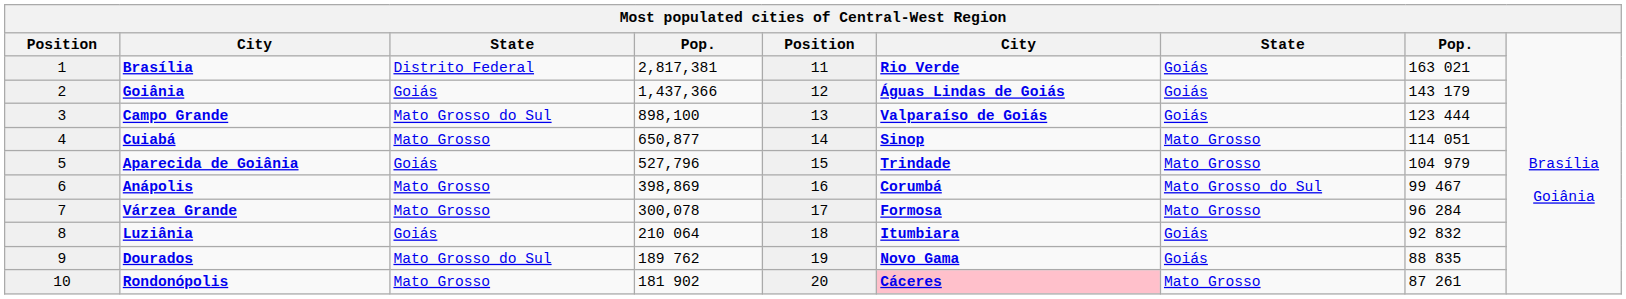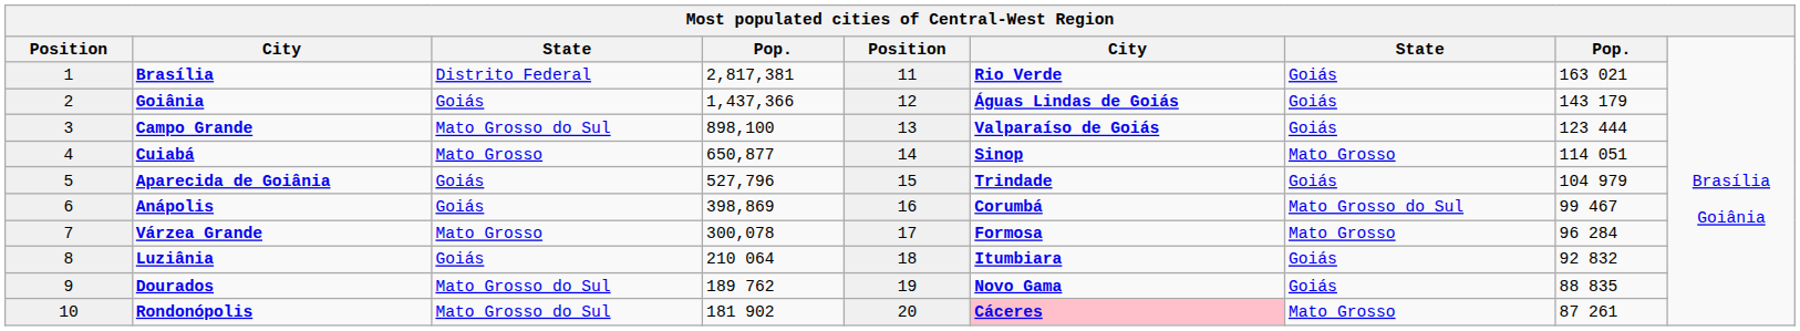 <table class="wikitable" style="width:100%;font-size:88%">
 <tr>
 <th colspan="12" style="padding:0.3em 0; line-height:1.2em; ">Most populated cities of Central-West Region<br></th>
 </tr>
 <tr>
 <th>Position</th>
 <th>City</th>
 <th>State</th>
 <th>Pop.</th>
 <th>Position</th>
 <th>City</th>
 <th>State</th>
 <th>Pop.</th>
 <td rowspan=11 style="text-align:center;"><br><br><a href='#'>Brasília</a><br> <br><a href='#'>Goiânia</a><br></td>
 </tr>
 <tr>
 <td align=center style="background:#f0f0f0;">1</td>
 <td align=left><strong><a href='#'>Brasília</a></strong></td>
 <td align=left><a href='#'>Distrito Federal</a></td>
 <td>2,817,381</td>
 <td align=center style="background:#f0f0f0;">11</td>
 <td align=left><strong><a href='#'>Rio Verde</a></strong></td>
 <td align=left><a href='#'>Goiás</a></td>
 <td>163 021</td>
 </tr>
 <tr>
 <td align=center style="background:#f0f0f0;">2</td>
 <td align=left><strong><a href='#'>Goiânia</a></strong></td>
 <td align=left><a href='#'>Goiás</a></td>
 <td>1,437,366</td>
 <td align=center style="background:#f0f0f0;">12</td>
 <td align=left><strong><a href='#'>Águas Lindas de Goiás</a></strong></td>
 <td align=left><a href='#'>Goiás</a></td>
 <td>143 179</td>
 </tr>
 <tr>
 <td align=center style="background:#f0f0f0;">3</td>
 <td align=left><strong><a href='#'>Campo Grande</a></strong></td>
 <td align=left><a href='#'>Mato Grosso do Sul</a></td>
 <td>898,100</td>
 <td align=center style="background:#f0f0f0;">13</td>
 <td align=left><strong><a href='#'>Valparaíso de Goiás</a></strong></td>
 <td align=left><a href='#'>Goiás</a></td>
 <td>123 444</td>
 </tr>
 <tr>
 <td align=center style="background:#f0f0f0;">4</td>
 <td align=left><strong><a href='#'>Cuiabá</a></strong></td>
 <td align=left><a href='#'>Mato Grosso</a></td>
 <td>650,877</td>
 <td align=center style="background:#f0f0f0;">14</td>
 <td align=left><strong><a href='#'>Sinop</a></strong></td>
 <td align=left><a href='#'>Mato Grosso</a></td>
 <td>114 051</td>
 </tr>
 <tr>
 <td align=center style="background:#f0f0f0;">5</td>
 <td align=left><strong><a href='#'>Aparecida de Goiânia</a></strong></td>
 <td align=left><a href='#'>Goiás</a></td>
 <td>527,796</td>
 <td align=center style="background:#f0f0f0;">15</td>
 <td align=left><strong><a href='#'>Trindade</a></strong></td>
-<td align=left><a href='#'>Mato Grosso</a></td>
+<td align=left><a href='#'>Goiás</a></td>
 <td>104 979</td>
 </tr>
 <tr>
 <td align=center style="background:#f0f0f0;">6</td>
 <td align=left><strong><a href='#'>Anápolis</a></strong></td>
-<td align=left><a href='#'>Mato Grosso</a></td>
+<td align=left><a href='#'>Goiás</a></td>
 <td>398,869</td>
 <td align=center style="background:#f0f0f0;">16</td>
 <td align=left><strong><a href='#'>Corumbá</a></strong></td>
 <td align=left><a href='#'>Mato Grosso do Sul</a></td>
 <td>99 467</td>
 </tr>
 <tr>
 <td align=center style="background:#f0f0f0;">7</td>
 <td align=left><strong><a href='#'>Várzea Grande</a></strong></td>
 <td align=left><a href='#'>Mato Grosso</a></td>
 <td>300,078</td>
 <td align=center style="background:#f0f0f0;">17</td>
 <td align=left><strong><a href='#'>Formosa</a></strong></td>
 <td align=left><a href='#'>Mato Grosso</a></td>
 <td>96 284</td>
 </tr>
 <tr>
 <td align=center style="background:#f0f0f0;">8</td>
 <td align=left><strong><a href='#'>Luziânia</a></strong></td>
 <td align=left><a href='#'>Goiás</a></td>
 <td>210 064</td>
 <td align=center style="background:#f0f0f0;">18</td>
 <td align=left><strong><a href='#'>Itumbiara</a></strong></td>
 <td align=left><a href='#'>Goiás</a></td>
 <td>92 832</td>
 </tr>
 <tr>
 <td align=center style="background:#f0f0f0;">9</td>
 <td align=left><strong><a href='#'>Dourados</a></strong></td>
 <td align=left><a href='#'>Mato Grosso do Sul</a></td>
 <td>189 762</td>
 <td align=center style="background:#f0f0f0;">19</td>
 <td align=left><strong><a href='#'>Novo Gama</a></strong></td>
 <td align=left><a href='#'>Goiás</a></td>
 <td>88 835</td>
 </tr>
 <tr>
 <td align=center style="background:#f0f0f0;">10</td>
 <td align=left><strong><a href='#'>Rondonópolis</a></strong></td>
-<td align=left><a href='#'>Mato Grosso</a></td>
+<td align=left><a href='#'>Mato Grosso do Sul</a></td>
 <td>181 902</td>
 <td align=center style="background:#f0f0f0;">20</td>
 <td align=left style="background: pink;"><strong><a href='#'>Cáceres</a></strong></td>
 <td align=left><a href='#'>Mato Grosso</a></td>
 <td>87 261</td>
 </tr>
 </table>
